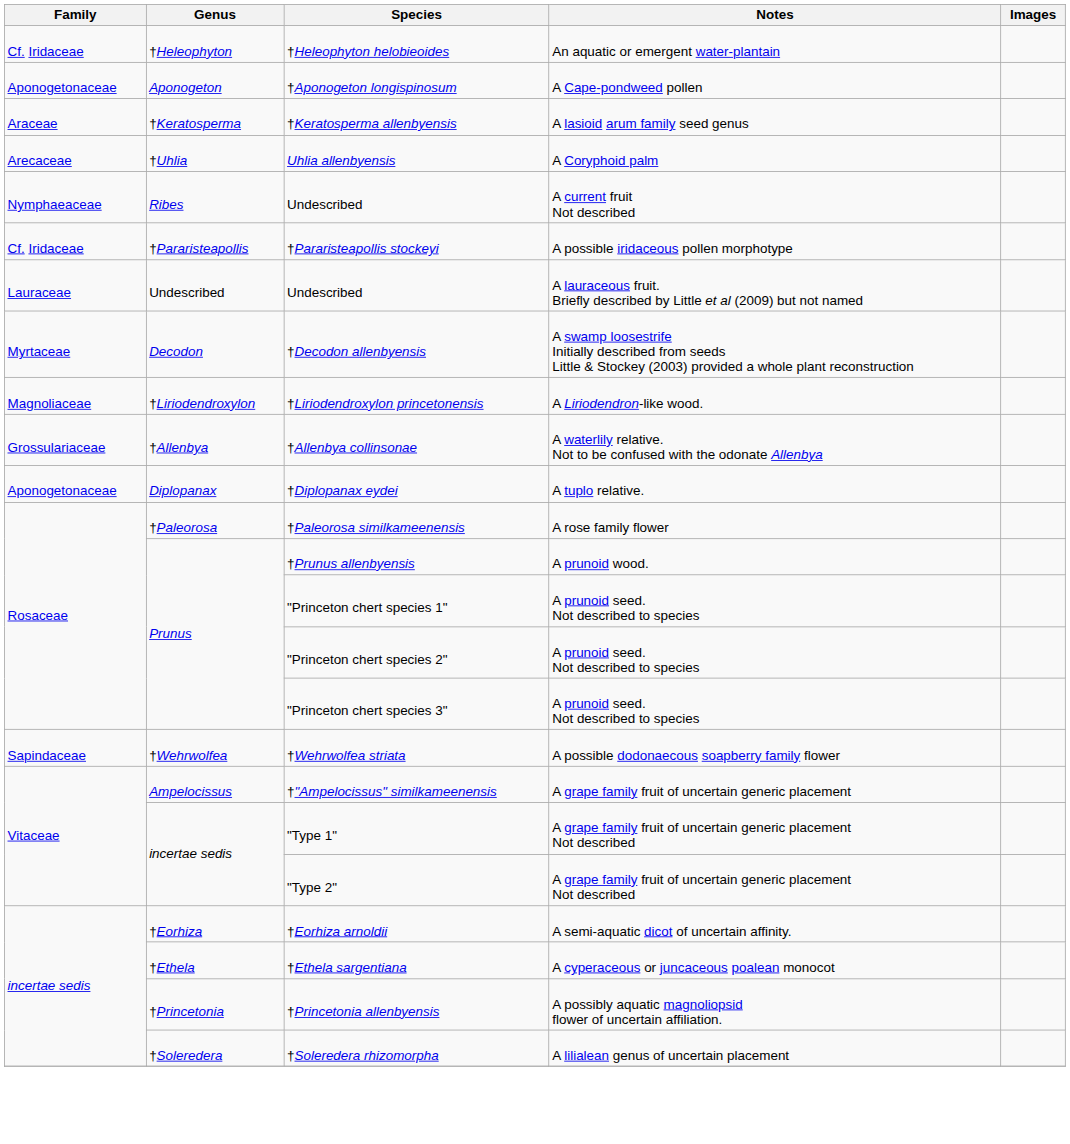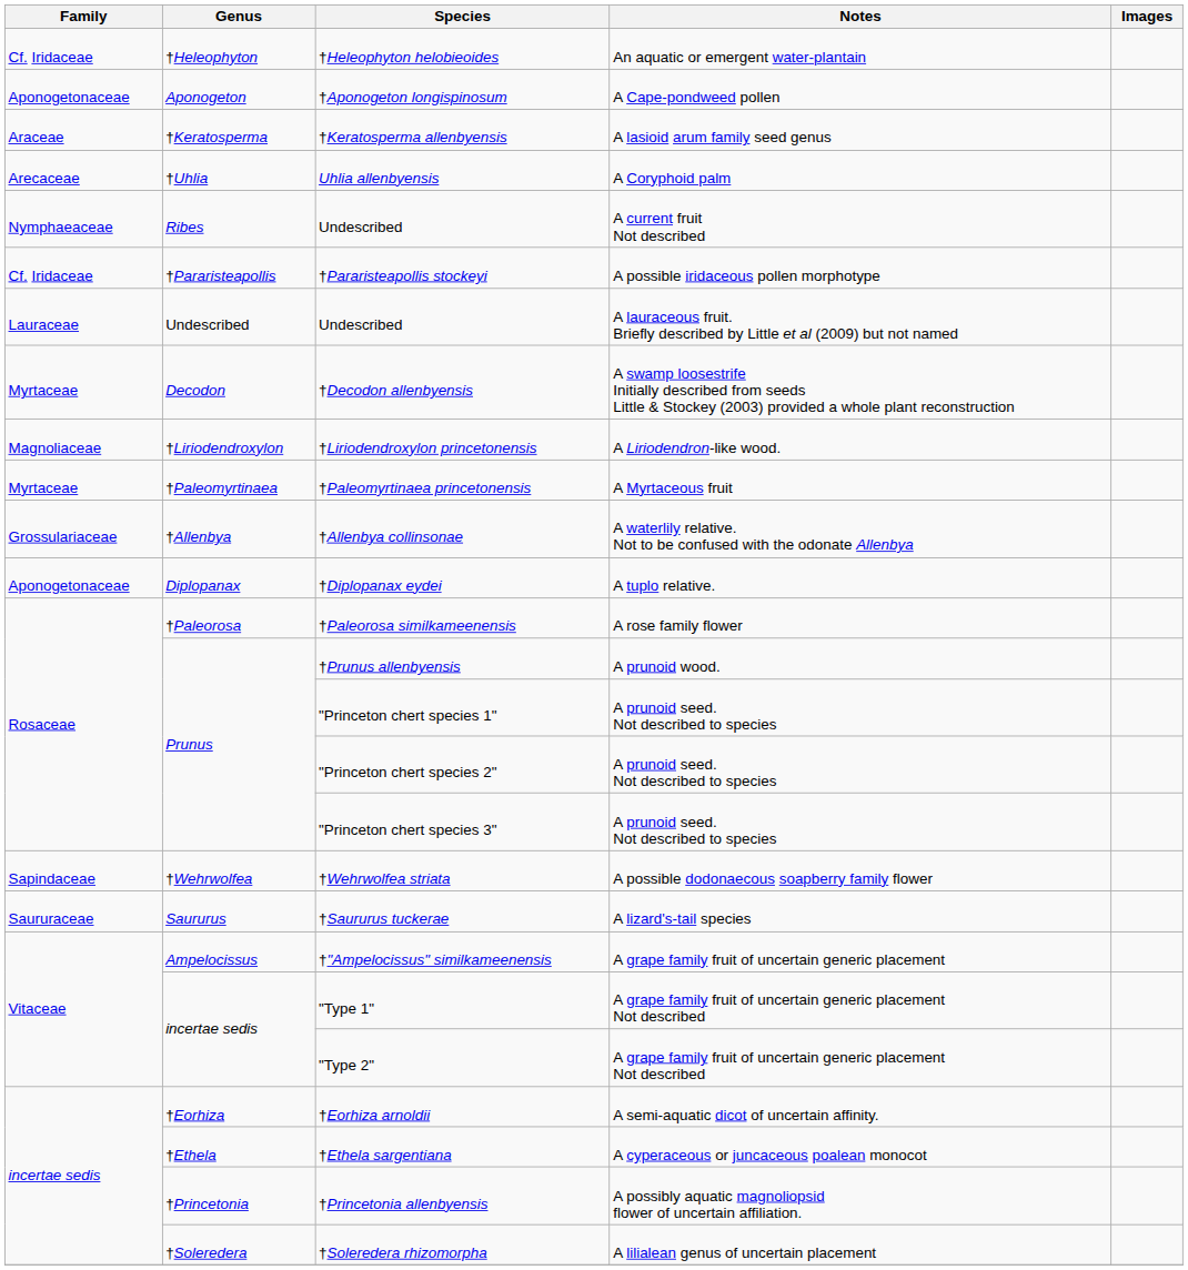 <table class="wikitable sortable" style="margin:auto; width:100%;">
 <tr>
 <th>Family</th>
 <th>Genus</th>
 <th>Species</th>
 <th>Notes</th>
 <th>Images</th>
 </tr>
 <tr>
 <td><br><a href='#'>Cf.</a> <a href='#'>Iridaceae</a></td>
 <td><br>†<em><a href='#'>Heleophyton</a></em></td>
 <td><br>†<em><a href='#'>Heleophyton helobieoides</a></em></td>
 <td><br>An aquatic or emergent <a href='#'>water-plantain</a></td>
 <td></td>
 </tr>
 <tr>
 <td><br><a href='#'>Aponogetonaceae</a></td>
 <td><br><em><a href='#'>Aponogeton</a></em></td>
 <td><br>†<em><a href='#'>Aponogeton longispinosum</a></em></td>
 <td><br>A <a href='#'>Cape-pondweed</a> pollen</td>
 <td></td>
 </tr>
 <tr>
 <td><br><a href='#'>Araceae</a></td>
 <td><br>†<em><a href='#'>Keratosperma</a></em></td>
 <td><br>†<em><a href='#'>Keratosperma allenbyensis</a></em></td>
 <td><br>A <a href='#'>lasioid</a> <a href='#'>arum family</a> seed genus</td>
 <td></td>
 </tr>
 <tr>
 <td><br><a href='#'>Arecaceae</a></td>
 <td><br>†<em><a href='#'>Uhlia</a></em></td>
 <td><br><em><a href='#'>Uhlia allenbyensis</a></em></td>
 <td><br>A <a href='#'>Coryphoid palm</a></td>
 <td></td>
 </tr>
 <tr>
 <td><br><a href='#'>Nymphaeaceae</a></td>
 <td><br><em><a href='#'>Ribes</a></em></td>
 <td><br>Undescribed</td>
 <td><br>A <a href='#'>current</a> fruit<br>Not described</td>
 <td></td>
 </tr>
 <tr>
 <td><br><a href='#'>Cf.</a> <a href='#'>Iridaceae</a></td>
 <td><br>†<em><a href='#'>Pararisteapollis</a></em></td>
 <td><br>†<em><a href='#'>Pararisteapollis stockeyi</a></em></td>
 <td><br>A possible <a href='#'>iridaceous</a> pollen morphotype</td>
 <td></td>
 </tr>
 <tr>
 <td><br><a href='#'>Lauraceae</a></td>
 <td><br>Undescribed</td>
 <td><br>Undescribed</td>
 <td><br>A <a href='#'>lauraceous</a> fruit.<br> Briefly described by Little <em>et al</em> (2009) but not named</td>
 <td></td>
 </tr>
 <tr>
 <td><br><a href='#'>Myrtaceae</a></td>
 <td><br><em><a href='#'>Decodon</a></em></td>
 <td><br>†<em><a href='#'>Decodon allenbyensis</a></em></td>
 <td><br>A <a href='#'>swamp loosestrife</a><br> Initially described from seeds<br> Little & Stockey (2003) provided a whole plant reconstruction</td>
 <td></td>
 </tr>
 <tr>
 <td><br><a href='#'>Magnoliaceae</a></td>
 <td><br>†<em><a href='#'>Liriodendroxylon</a></em></td>
 <td><br>†<em><a href='#'>Liriodendroxylon princetonensis</a></em></td>
 <td><br>A <em><a href='#'>Liriodendron</a></em>-like wood.</td>
 <td></td>
 </tr>
 <tr>
+<td><br><a href='#'>Myrtaceae</a></td>
+<td><br>†<em><a href='#'>Paleomyrtinaea</a></em></td>
+<td><br>†<em><a href='#'>Paleomyrtinaea princetonensis</a></em></td>
+<td><br>A <a href='#'>Myrtaceous</a> fruit</td>
+<td></td>
+</tr>
+<tr>
 <td><br><a href='#'>Grossulariaceae</a></td>
 <td><br>†<em><a href='#'>Allenbya</a></em></td>
 <td><br>†<em><a href='#'>Allenbya collinsonae</a></em></td>
 <td><br>A <a href='#'>waterlily</a> relative.<br>Not to be confused with the odonate <em><a href='#'>Allenbya</a></em></td>
 <td></td>
 </tr>
 <tr>
 <td><br><a href='#'>Aponogetonaceae</a></td>
 <td><br><em><a href='#'>Diplopanax</a></em></td>
 <td><br>†<em><a href='#'>Diplopanax eydei</a></em></td>
 <td><br>A <a href='#'>tuplo</a> relative.</td>
 <td></td>
 </tr>
 <tr>
 <td rowspan=5><a href='#'>Rosaceae</a></td>
 <td><br>†<em><a href='#'>Paleorosa</a></em></td>
 <td><br>†<em><a href='#'>Paleorosa similkameenensis</a></em></td>
 <td><br>A rose family flower</td>
 <td></td>
 </tr>
 <tr>
 <td rowspan=4><em><a href='#'>Prunus</a></em></td>
 <td><br>†<em><a href='#'>Prunus allenbyensis</a></em></td>
 <td><br>A <a href='#'>prunoid</a> wood.</td>
 <td></td>
 </tr>
 <tr>
 <td><br>"Princeton chert species 1"</td>
 <td><br>A <a href='#'>prunoid</a> seed.<br> Not described to species</td>
 <td></td>
 </tr>
 <tr>
 <td><br>"Princeton chert species 2"</td>
 <td><br>A <a href='#'>prunoid</a> seed.<br> Not described to species</td>
 <td></td>
 </tr>
 <tr>
 <td><br>"Princeton chert species 3"</td>
 <td><br>A <a href='#'>prunoid</a> seed.<br> Not described to species</td>
 <td></td>
 </tr>
 <tr>
 <td><br><a href='#'>Sapindaceae</a></td>
 <td><br>†<em><a href='#'>Wehrwolfea</a></em></td>
 <td><br>†<em><a href='#'>Wehrwolfea striata</a></em></td>
 <td><br>A possible <a href='#'>dodonaecous</a> <a href='#'>soapberry family</a> flower</td>
 <td></td>
 </tr>
 <tr>
+<td><br><a href='#'>Saururaceae</a></td>
+<td><br><em><a href='#'>Saururus</a></em></td>
+<td><br>†<em><a href='#'>Saururus tuckerae</a></em></td>
+<td><br>A <a href='#'>lizard's-tail</a> species</td>
+<td></td>
+</tr>
+<tr>
 <td rowspan=3><a href='#'>Vitaceae</a></td>
 <td><br><em><a href='#'>Ampelocissus</a></em></td>
 <td><br>†<em><a href='#'>"Ampelocissus" similkameenensis</a></em></td>
 <td><br>A <a href='#'>grape family</a> fruit of uncertain generic placement</td>
 <td></td>
 </tr>
 <tr>
 <td rowspan=2><em>incertae sedis</em></td>
 <td><br>"Type 1"</td>
 <td><br>A <a href='#'>grape family</a> fruit of uncertain generic placement<br> Not described</td>
 <td></td>
 </tr>
 <tr>
 <td><br>"Type 2"</td>
 <td><br>A <a href='#'>grape family</a> fruit of uncertain generic placement<br> Not described</td>
 <td></td>
 </tr>
 <tr>
 <td rowspan=4><em><a href='#'>incertae sedis</a></em></td>
 <td><br>†<em><a href='#'>Eorhiza</a></em></td>
 <td><br>†<em><a href='#'>Eorhiza arnoldii</a></em></td>
 <td><br>A semi-aquatic <a href='#'>dicot</a> of uncertain affinity.</td>
 <td></td>
 </tr>
 <tr>
 <td><br>†<em><a href='#'>Ethela</a></em></td>
 <td><br>†<em><a href='#'>Ethela sargentiana</a></em></td>
 <td><br>A <a href='#'>cyperaceous</a> or <a href='#'>juncaceous</a> <a href='#'>poalean</a> monocot</td>
 <td></td>
 </tr>
 <tr>
 <td><br>†<em><a href='#'>Princetonia</a></em></td>
 <td><br>†<em><a href='#'>Princetonia allenbyensis</a></em></td>
 <td><br>A possibly aquatic <a href='#'>magnoliopsid</a><br> flower of uncertain affiliation.</td>
 <td></td>
 </tr>
 <tr>
 <td><br>†<em><a href='#'>Soleredera</a></em></td>
 <td><br>†<em><a href='#'>Soleredera rhizomorpha</a></em></td>
 <td><br>A <a href='#'>lilialean</a> genus of uncertain placement</td>
 <td></td>
 </tr>
 <tr>
 </tr>
 </table>
